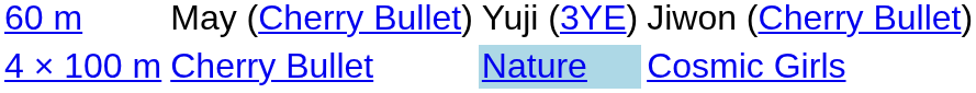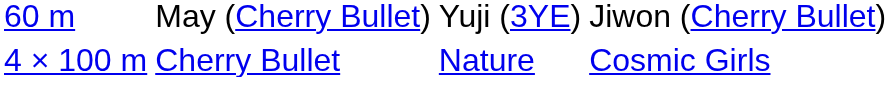 <table>
 <tr>
 <td><a href='#'>60 m</a></td>
 <td>May (<a href='#'>Cherry Bullet</a>)</td>
 <td>Yuji (<a href='#'>3YE</a>)</td>
 <td>Jiwon (<a href='#'>Cherry Bullet</a>)</td>
 </tr>
 <tr>
 <td><a href='#'>4 × 100 m</a></td>
 <td><a href='#'>Cherry Bullet</a></td>
-<td style="background: lightblue;"><a href='#'>Nature</a></td>
+<td><a href='#'>Nature</a></td>
 <td><a href='#'>Cosmic Girls</a></td>
 </tr>
 </table>
